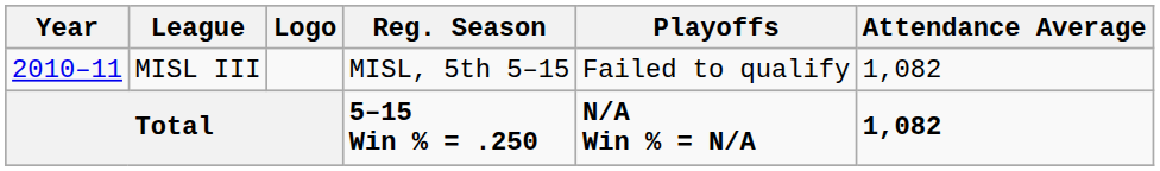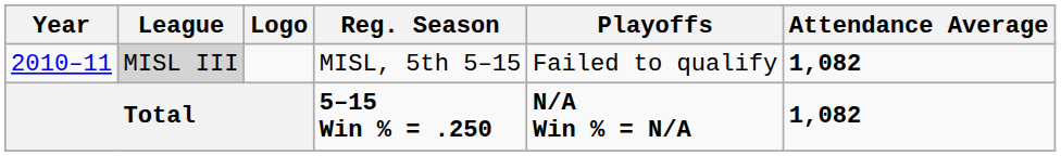 <table class="wikitable">
 <tr>
 <th>Year</th>
 <th>League</th>
 <th>Logo</th>
 <th>Reg. Season</th>
 <th>Playoffs</th>
 <th>Attendance Average</th>
 </tr>
 <tr>
 <td><a href='#'>2010–11</a></td>
-<td>MISL III</td>
+<td style="background: lightgrey;">MISL III</td>
 <td></td>
 <td>MISL, 5th 5–15</td>
 <td>Failed to qualify</td>
-<td>1,082</td>
+<td><strong>1,082</strong></td>
 </tr>
 <tr>
 <th align="center" rowSpan="1" colSpan="3">Total</th>
 <td><strong>5–15</strong><br><strong>Win % = .250</strong></td>
 <td><strong>N/A</strong> <br> <strong>Win % = N/A</strong></td>
 <td><strong>1,082</strong></td>
 </tr>
 </table>
